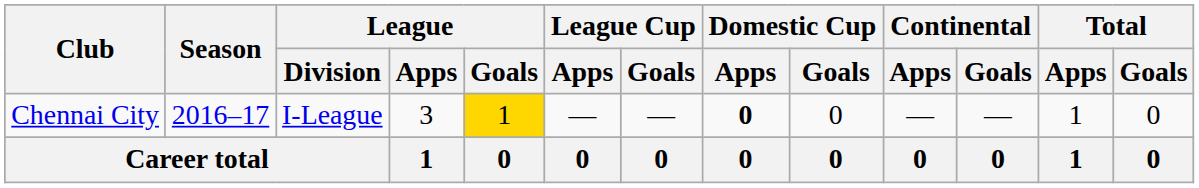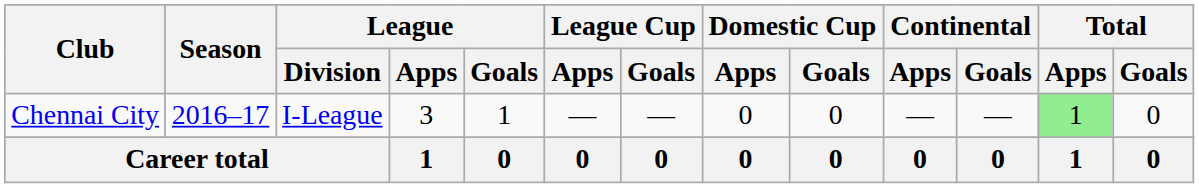 <table class="wikitable" style="text-align: center;">
 <tr>
 <th rowspan="2">Club</th>
 <th rowspan="2">Season</th>
 <th colspan="3">League</th>
 <th colspan="2">League Cup</th>
 <th colspan="2">Domestic Cup</th>
 <th colspan="2">Continental</th>
 <th colspan="2">Total</th>
 </tr>
 <tr>
 <th>Division</th>
 <th>Apps</th>
 <th>Goals</th>
 <th>Apps</th>
 <th>Goals</th>
 <th>Apps</th>
 <th>Goals</th>
 <th>Apps</th>
 <th>Goals</th>
 <th>Apps</th>
 <th>Goals</th>
 </tr>
 <tr>
 <td rowspan="1"><a href='#'>Chennai City</a></td>
 <td><a href='#'>2016–17</a></td>
 <td><a href='#'>I-League</a></td>
 <td>3</td>
-<td style="background: gold;">1</td>
+<td>1</td>
 <td>—</td>
 <td>—</td>
-<td><strong>0</strong></td>
+<td>0</td>
 <td>0</td>
 <td>—</td>
 <td>—</td>
-<td>1</td>
+<td style="background: lightgreen;">1</td>
 <td>0</td>
 </tr>
 <tr>
 <th colspan="3">Career total</th>
 <th>1</th>
 <th>0</th>
 <th>0</th>
 <th>0</th>
 <th>0</th>
 <th>0</th>
 <th>0</th>
 <th>0</th>
 <th>1</th>
 <th>0</th>
 </tr>
 </table>
